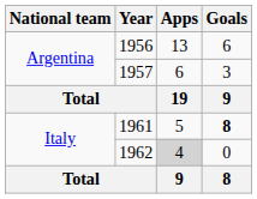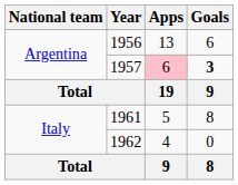 <table class="wikitable" style="text-align:center">
 <tr>
 <th>National team</th>
 <th>Year</th>
 <th>Apps</th>
 <th>Goals</th>
 </tr>
 <tr>
 <td rowspan="2"><a href='#'>Argentina</a></td>
 <td>1956</td>
 <td>13</td>
 <td>6</td>
 </tr>
 <tr>
 <td>1957</td>
-<td>6</td>
-<td>3</td>
+<td style="background: pink;">6</td>
+<td><strong>3</strong></td>
 </tr>
 <tr>
 <th colspan="2">Total</th>
 <th>19</th>
 <th>9</th>
 </tr>
 <tr>
 <td rowspan="2"><a href='#'>Italy</a></td>
 <td>1961</td>
 <td>5</td>
-<td><strong>8</strong></td>
+<td>8</td>
 </tr>
 <tr>
 <td>1962</td>
-<td style="background: lightgrey;">4</td>
+<td>4</td>
 <td>0</td>
 </tr>
 <tr>
 <th colspan="2">Total</th>
 <th>9</th>
 <th>8</th>
 </tr>
 </table>
